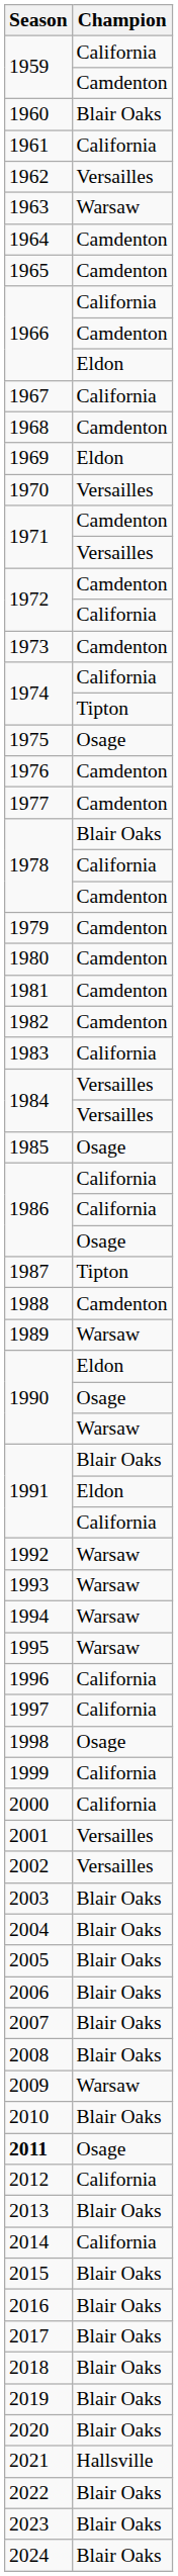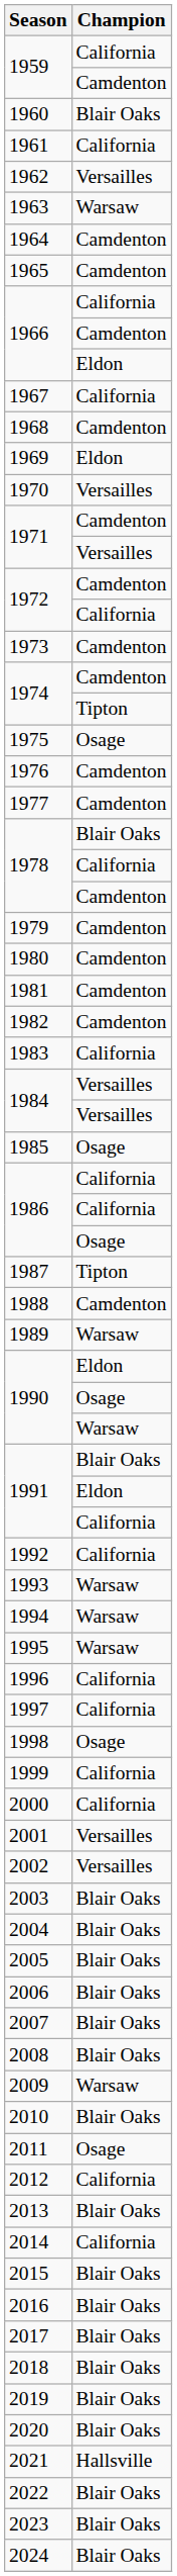 <table class="wikitable sortable">
 <tr>
 <th>Season</th>
 <th>Champion</th>
 </tr>
 <tr>
 <td rowspan = 2>1959</td>
 <td>California</td>
 </tr>
 <tr>
 <td>Camdenton</td>
 </tr>
 <tr>
 <td>1960</td>
 <td>Blair Oaks</td>
 </tr>
 <tr>
 <td>1961</td>
 <td>California</td>
 </tr>
 <tr>
 <td>1962</td>
 <td>Versailles</td>
 </tr>
 <tr>
 <td>1963</td>
 <td>Warsaw</td>
 </tr>
 <tr>
 <td>1964</td>
 <td>Camdenton</td>
 </tr>
 <tr>
 <td>1965</td>
 <td>Camdenton</td>
 </tr>
 <tr>
 <td rowspan = 3>1966</td>
 <td>California</td>
 </tr>
 <tr>
 <td>Camdenton</td>
 </tr>
 <tr>
 <td>Eldon</td>
 </tr>
 <tr>
 <td>1967</td>
 <td>California</td>
 </tr>
 <tr>
 <td>1968</td>
 <td>Camdenton</td>
 </tr>
 <tr>
 <td>1969</td>
 <td>Eldon</td>
 </tr>
 <tr>
 <td>1970</td>
 <td>Versailles</td>
 </tr>
 <tr>
 <td rowspan = 2>1971</td>
 <td>Camdenton</td>
 </tr>
 <tr>
 <td>Versailles</td>
 </tr>
 <tr>
 <td rowspan = 2>1972</td>
 <td>Camdenton</td>
 </tr>
 <tr>
 <td>California</td>
 </tr>
 <tr>
 <td>1973</td>
 <td>Camdenton</td>
 </tr>
 <tr>
 <td rowspan = 2>1974</td>
-<td>California</td>
+<td>Camdenton</td>
 </tr>
 <tr>
 <td>Tipton</td>
 </tr>
 <tr>
 <td>1975</td>
 <td>Osage</td>
 </tr>
 <tr>
 <td>1976</td>
 <td>Camdenton</td>
 </tr>
 <tr>
 <td>1977</td>
 <td>Camdenton</td>
 </tr>
 <tr>
 <td rowspan = 3>1978</td>
 <td>Blair Oaks</td>
 </tr>
 <tr>
 <td>California</td>
 </tr>
 <tr>
 <td>Camdenton</td>
 </tr>
 <tr>
 <td>1979</td>
 <td>Camdenton</td>
 </tr>
 <tr>
 <td>1980</td>
 <td>Camdenton</td>
 </tr>
 <tr>
 <td>1981</td>
 <td>Camdenton</td>
 </tr>
 <tr>
 <td>1982</td>
 <td>Camdenton</td>
 </tr>
 <tr>
 <td>1983</td>
 <td>California</td>
 </tr>
 <tr>
 <td rowspan = 2>1984</td>
 <td>Versailles</td>
 </tr>
 <tr>
 <td>Versailles</td>
 </tr>
 <tr>
 <td>1985</td>
 <td>Osage</td>
 </tr>
 <tr>
 <td rowspan = 3>1986</td>
 <td>California</td>
 </tr>
 <tr>
 <td>California</td>
 </tr>
 <tr>
 <td>Osage</td>
 </tr>
 <tr>
 <td>1987</td>
 <td>Tipton</td>
 </tr>
 <tr>
 <td>1988</td>
 <td>Camdenton</td>
 </tr>
 <tr>
 <td>1989</td>
 <td>Warsaw</td>
 </tr>
 <tr>
 <td rowspan = 3>1990</td>
 <td>Eldon</td>
 </tr>
 <tr>
 <td>Osage</td>
 </tr>
 <tr>
 <td>Warsaw</td>
 </tr>
 <tr>
 <td rowspan = 3>1991</td>
 <td>Blair Oaks</td>
 </tr>
 <tr>
 <td>Eldon</td>
 </tr>
 <tr>
 <td>California</td>
 </tr>
 <tr>
 <td>1992</td>
-<td>Warsaw</td>
+<td>California</td>
 </tr>
 <tr>
 <td>1993</td>
 <td>Warsaw</td>
 </tr>
 <tr>
 <td>1994</td>
 <td>Warsaw</td>
 </tr>
 <tr>
 <td>1995</td>
 <td>Warsaw</td>
 </tr>
 <tr>
 <td>1996</td>
 <td>California</td>
 </tr>
 <tr>
 <td>1997</td>
 <td>California</td>
 </tr>
 <tr>
 <td>1998</td>
 <td>Osage</td>
 </tr>
 <tr>
 <td>1999</td>
 <td>California</td>
 </tr>
 <tr>
 <td>2000</td>
 <td>California</td>
 </tr>
 <tr>
 <td>2001</td>
 <td>Versailles</td>
 </tr>
 <tr>
 <td>2002</td>
 <td>Versailles</td>
 </tr>
 <tr>
 <td>2003</td>
 <td>Blair Oaks</td>
 </tr>
 <tr>
 <td>2004</td>
 <td>Blair Oaks</td>
 </tr>
 <tr>
 <td>2005</td>
 <td>Blair Oaks</td>
 </tr>
 <tr>
 <td>2006</td>
 <td>Blair Oaks</td>
 </tr>
 <tr>
 <td>2007</td>
 <td>Blair Oaks</td>
 </tr>
 <tr>
 <td>2008</td>
 <td>Blair Oaks</td>
 </tr>
 <tr>
 <td>2009</td>
 <td>Warsaw</td>
 </tr>
 <tr>
 <td>2010</td>
 <td>Blair Oaks</td>
 </tr>
 <tr>
-<td><strong>2011</strong></td>
+<td>2011</td>
 <td>Osage</td>
 </tr>
 <tr>
 <td>2012</td>
 <td>California</td>
 </tr>
 <tr>
 <td>2013</td>
 <td>Blair Oaks</td>
 </tr>
 <tr>
 <td>2014</td>
 <td>California</td>
 </tr>
 <tr>
 <td>2015</td>
 <td>Blair Oaks</td>
 </tr>
 <tr>
 <td>2016</td>
 <td>Blair Oaks</td>
 </tr>
 <tr>
 <td>2017</td>
 <td>Blair Oaks</td>
 </tr>
 <tr>
 <td>2018</td>
 <td>Blair Oaks</td>
 </tr>
 <tr>
 <td>2019</td>
 <td>Blair Oaks</td>
 </tr>
 <tr>
 <td>2020</td>
 <td>Blair Oaks</td>
 </tr>
 <tr>
 <td>2021</td>
 <td>Hallsville</td>
 </tr>
 <tr>
 <td>2022</td>
 <td>Blair Oaks</td>
 </tr>
 <tr>
 <td>2023</td>
 <td>Blair Oaks</td>
 </tr>
 <tr>
 <td>2024</td>
 <td>Blair Oaks</td>
 </tr>
 <tr>
 </tr>
 </table>
